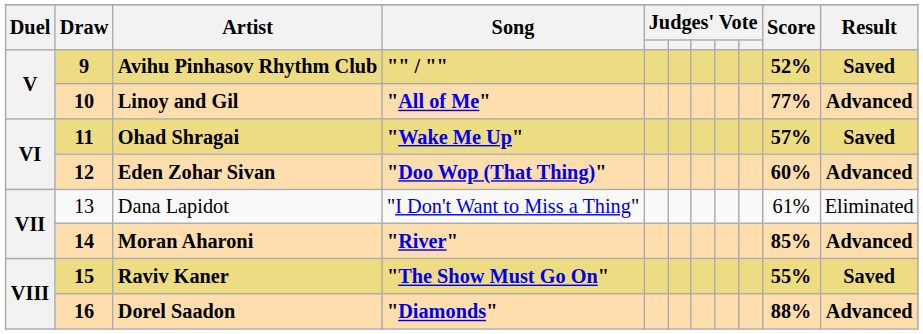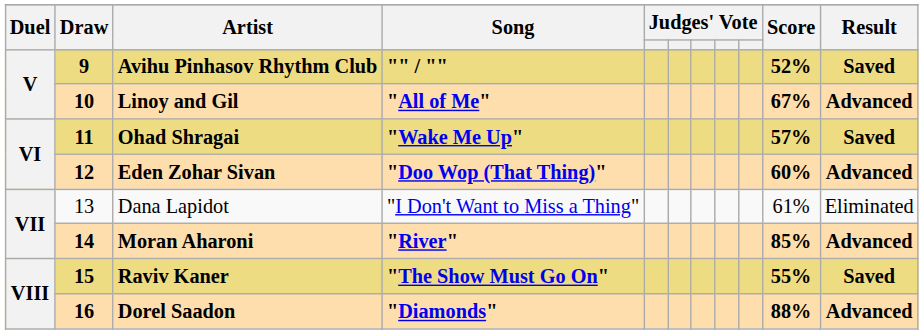 <table class="sortable wikitable" style="margin: 1em auto 1em auto; text-align:center; font-size:90%; line-height:18px;">
 <tr>
 </tr>
 <tr>
 <th rowspan="2" class="unsortable">Duel</th>
 <th rowspan="2">Draw</th>
 <th rowspan="2">Artist</th>
 <th rowspan="2">Song</th>
 <th colspan="5" class="unsortable">Judges' Vote</th>
 <th rowspan="2">Score</th>
 <th rowspan="2">Result</th>
 </tr>
 <tr>
 <th class="unsortable"></th>
 <th class="unsortable"></th>
 <th class="unsortable"></th>
 <th class="unsortable"></th>
 <th class="unsortable"></th>
 </tr>
 <tr style="font-weight:bold; background:#eedc82;">
 <th rowspan="2">V</th>
 <td>9</td>
 <td align="left">Avihu Pinhasov Rhythm Club</td>
 <td align="left">"" / ""</td>
 <td></td>
 <td></td>
 <td></td>
 <td></td>
 <td></td>
 <td>52%</td>
 <td>Saved</td>
 </tr>
 <tr style="font-weight:bold; background:navajowhite;">
 <td>10</td>
 <td align="left">Linoy and Gil</td>
 <td align="left">"<a href='#'>All of Me</a>"</td>
 <td></td>
 <td></td>
 <td></td>
 <td></td>
 <td></td>
-<td>77%</td>
+<td>67%</td>
 <td>Advanced</td>
 </tr>
 <tr style="font-weight:bold; background:#eedc82;">
 <th rowspan="2">VI</th>
 <td>11</td>
 <td align="left">Ohad Shragai</td>
 <td align="left">"<a href='#'>Wake Me Up</a>"</td>
 <td></td>
 <td></td>
 <td></td>
 <td></td>
 <td></td>
 <td>57%</td>
 <td>Saved</td>
 </tr>
 <tr style="font-weight:bold; background:navajowhite;">
 <td>12</td>
 <td align="left">Eden Zohar Sivan</td>
 <td align="left">"<a href='#'>Doo Wop (That Thing)</a>"</td>
 <td></td>
 <td></td>
 <td></td>
 <td></td>
 <td></td>
 <td>60%</td>
 <td>Advanced</td>
 </tr>
 <tr>
 <th rowspan="2">VII</th>
 <td>13</td>
 <td align="left">Dana Lapidot</td>
 <td align="left">"<a href='#'>I Don't Want to Miss a Thing</a>"</td>
 <td></td>
 <td></td>
 <td></td>
 <td></td>
 <td></td>
 <td>61%</td>
 <td>Eliminated</td>
 </tr>
 <tr style="font-weight:bold; background:navajowhite;">
 <td>14</td>
 <td align="left">Moran Aharoni</td>
 <td align="left">"<a href='#'>River</a>"</td>
 <td></td>
 <td></td>
 <td></td>
 <td></td>
 <td></td>
 <td>85%</td>
 <td>Advanced</td>
 </tr>
 <tr style="font-weight:bold; background:#eedc82;">
 <th rowspan="2">VIII</th>
 <td>15</td>
 <td align="left">Raviv Kaner</td>
 <td align="left">"<a href='#'>The Show Must Go On</a>"</td>
 <td></td>
 <td></td>
 <td></td>
 <td></td>
 <td></td>
 <td>55%</td>
 <td>Saved</td>
 </tr>
 <tr style="font-weight:bold; background:navajowhite;">
 <td>16</td>
 <td align="left">Dorel Saadon</td>
 <td align="left">"<a href='#'>Diamonds</a>"</td>
 <td></td>
 <td></td>
 <td></td>
 <td></td>
 <td></td>
 <td>88%</td>
 <td>Advanced</td>
 </tr>
 </table>
